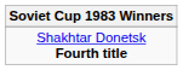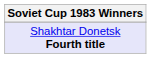 <table class="wikitable" style="text-align: center; margin: 0 auto;">
 <tr>
 <th>Soviet Cup 1983 Winners</th>
 </tr>
 <tr>
 </tr>
 <tr>
-<td><a href='#'>Shakhtar Donetsk</a><br><strong>Fourth title</strong></td>
+<td style="background: lavender;"><a href='#'>Shakhtar Donetsk</a><br><strong>Fourth title</strong></td>
 </tr>
 </table>
